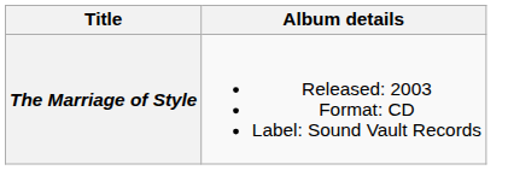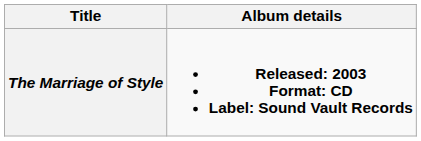 <table class="wikitable plainrowheaders" style="text-align:center;" border="1">
 <tr>
 <th>Title</th>
 <th>Album details</th>
 </tr>
 <tr>
 <th scope="row"><em>The Marriage of Style</em></th>
-<td><br><ul><li>Released: 2003</li><li>Format: CD</li><li>Label: Sound Vault Records</li></ul></td>
+<td><strong><br><ul><li>Released: 2003</li><li>Format: CD</li><li>Label: Sound Vault Records</li></ul></strong></td>
 </tr>
 </table>
